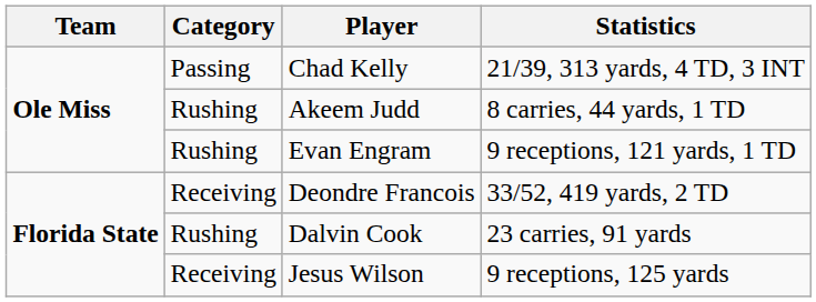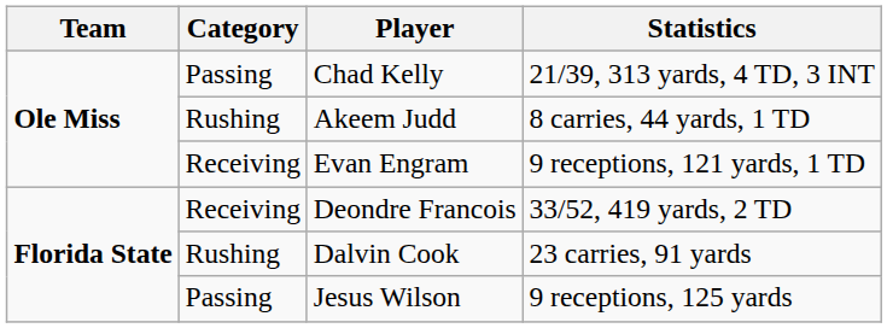 <table class="wikitable" style="float: right;">
 <tr>
 <th>Team</th>
 <th>Category</th>
 <th>Player</th>
 <th>Statistics</th>
 </tr>
 <tr>
 <td rowspan=3><strong>Ole Miss</strong></td>
 <td>Passing</td>
 <td>Chad Kelly</td>
 <td>21/39, 313 yards, 4 TD, 3 INT</td>
 </tr>
 <tr>
 <td>Rushing</td>
 <td>Akeem Judd</td>
 <td>8 carries, 44 yards, 1 TD</td>
 </tr>
 <tr>
-<td>Rushing</td>
+<td>Receiving</td>
 <td>Evan Engram</td>
 <td>9 receptions, 121 yards, 1 TD</td>
 </tr>
 <tr>
 <td rowspan=3><strong>Florida State</strong></td>
 <td>Receiving</td>
 <td>Deondre Francois</td>
 <td>33/52, 419 yards, 2 TD</td>
 </tr>
 <tr>
 <td>Rushing</td>
 <td>Dalvin Cook</td>
 <td>23 carries, 91 yards</td>
 </tr>
 <tr>
-<td>Receiving</td>
+<td>Passing</td>
 <td>Jesus Wilson</td>
 <td>9 receptions, 125 yards</td>
 </tr>
 </table>
